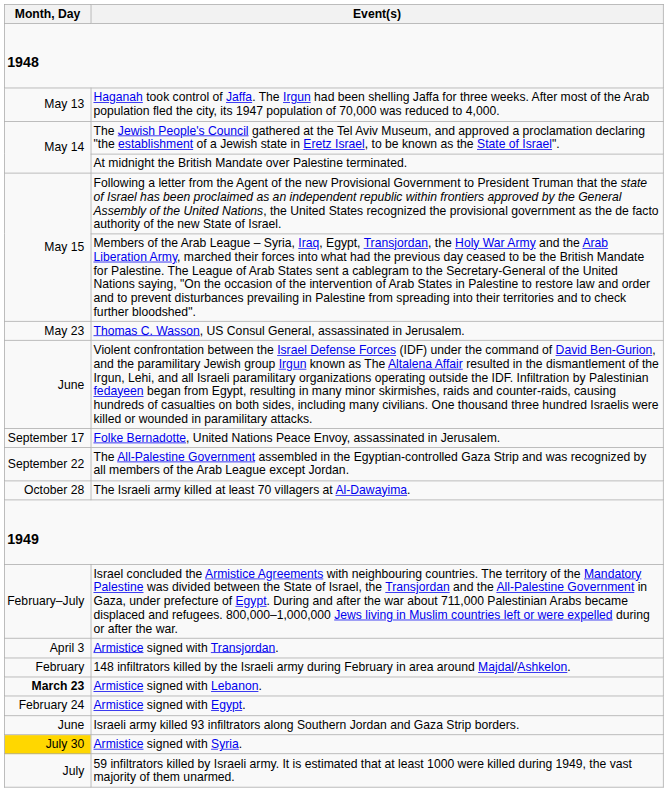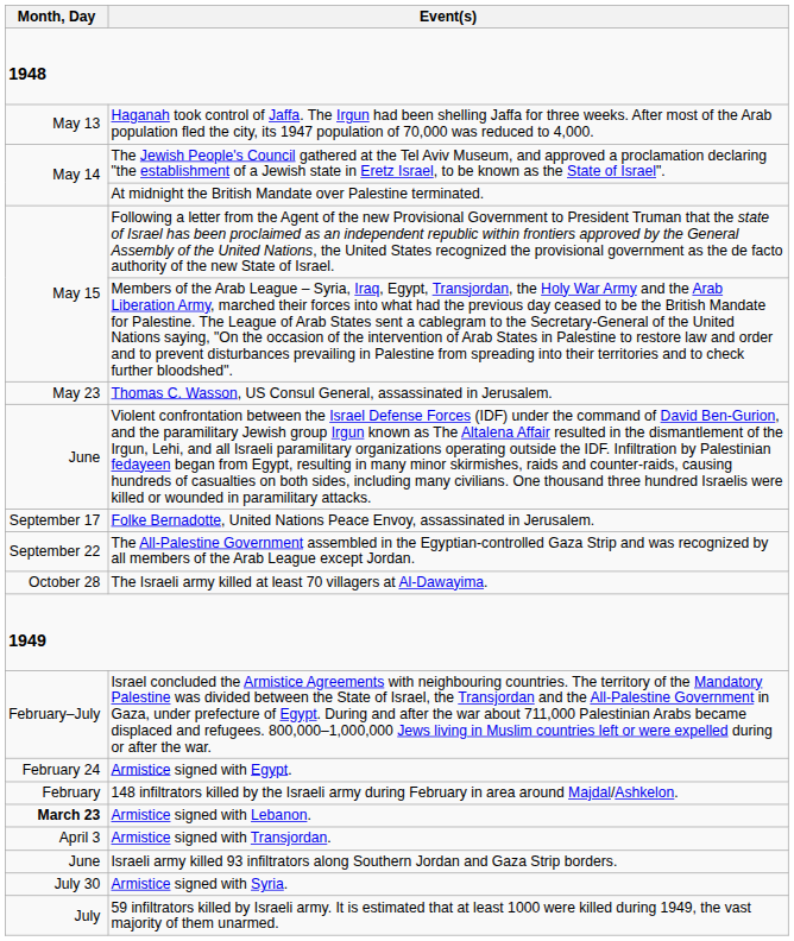 <table class="wikitable">
 <tr>
 <th>Month, Day</th>
 <th>Event(s)</th>
 </tr>
 <tr>
 <td colspan="2"><br><h3>1948</h3></td>
 </tr>
 <tr>
 <td style="white-space:nowrap;text-align:right;padding-right:0.5em;">May 13</td>
 <td><a href='#'>Haganah</a> took control of <a href='#'>Jaffa</a>. The <a href='#'>Irgun</a> had been shelling Jaffa for three weeks. After most of the Arab population fled the city, its 1947 population of 70,000 was reduced to 4,000.</td>
 </tr>
 <tr>
 <td rowspan="2" style="white-space:nowrap;text-align:right;padding-right:0.5em;">May 14</td>
 <td>The <a href='#'>Jewish People's Council</a> gathered at the Tel Aviv Museum, and approved a proclamation declaring "the <a href='#'>establishment</a> of a Jewish state in <a href='#'>Eretz Israel</a>, to be known as the <a href='#'>State of Israel</a>".</td>
 </tr>
 <tr>
 <td>At midnight the British Mandate over Palestine terminated.</td>
 </tr>
 <tr>
 <td rowspan="2" style="white-space:nowrap;text-align:right;padding-right:0.5em;">May 15</td>
 <td>Following a letter from the Agent of the new Provisional Government to President Truman that the <em>state of Israel has been proclaimed as an independent republic within frontiers approved by the General Assembly of the United Nations</em>, the United States recognized the provisional government as the de facto authority of the new State of Israel.</td>
 </tr>
 <tr>
 <td>Members of the Arab League – Syria, <a href='#'>Iraq</a>, Egypt, <a href='#'>Transjordan</a>, the <a href='#'>Holy War Army</a> and the <a href='#'>Arab Liberation Army</a>, marched their forces into what had the previous day ceased to be the British Mandate for Palestine. The League of Arab States sent a cablegram to the Secretary-General of the United Nations saying, "On the occasion of the intervention of Arab States in Palestine to restore law and order and to prevent disturbances prevailing in Palestine from spreading into their territories and to check further bloodshed".</td>
 </tr>
 <tr>
 <td style="white-space:nowrap;text-align:right;padding-right:0.5em;">May 23</td>
 <td><a href='#'>Thomas C. Wasson</a>, US Consul General, assassinated in Jerusalem.</td>
 </tr>
 <tr>
 <td style="white-space:nowrap;text-align:right;padding-right:0.5em;">June</td>
 <td>Violent confrontation between the <a href='#'>Israel Defense Forces</a> (IDF) under the command of <a href='#'>David Ben-Gurion</a>, and the paramilitary Jewish group <a href='#'>Irgun</a> known as The <a href='#'>Altalena Affair</a> resulted in the dismantlement of the Irgun, Lehi, and all Israeli paramilitary organizations operating outside the IDF. Infiltration by Palestinian <a href='#'>fedayeen</a> began from Egypt, resulting in many minor skirmishes, raids and counter-raids, causing hundreds of casualties on both sides, including many civilians. One thousand three hundred Israelis were killed or wounded in paramilitary attacks.</td>
 </tr>
 <tr>
 <td style="white-space:nowrap;text-align:right;padding-right:0.5em;">September 17</td>
 <td><a href='#'>Folke Bernadotte</a>, United Nations Peace Envoy, assassinated in Jerusalem.</td>
 </tr>
 <tr>
 <td style="white-space:nowrap;text-align:right;padding-right:0.5em;">September 22</td>
 <td>The <a href='#'>All-Palestine Government</a> assembled in the Egyptian-controlled Gaza Strip and was recognized by all members of the Arab League except Jordan.</td>
 </tr>
 <tr>
 <td style="white-space:nowrap;text-align:right;padding-right:0.5em;">October 28</td>
 <td>The Israeli army killed at least 70 villagers at <a href='#'>Al-Dawayima</a>.</td>
 </tr>
 <tr>
 <td colspan="2"><br><h3>1949</h3></td>
 </tr>
 <tr>
 <td style="white-space:nowrap;text-align:right;padding-right:0.5em;">February–July</td>
 <td>Israel concluded the <a href='#'>Armistice Agreements</a> with neighbouring countries. The territory of the <a href='#'>Mandatory Palestine</a> was divided between the State of Israel, the <a href='#'>Transjordan</a> and the <a href='#'>All-Palestine Government</a> in Gaza, under prefecture of <a href='#'>Egypt</a>. During and after the war about 711,000 Palestinian Arabs became displaced and refugees. 800,000–1,000,000 <a href='#'>Jews living in Muslim countries left or were expelled</a> during or after the war.</td>
 </tr>
 <tr>
-<td style="white-space:nowrap;text-align:right;padding-right:0.5em;">April 3</td>
-<td><a href='#'>Armistice</a> signed with <a href='#'>Transjordan</a>.</td>
+<td style="white-space:nowrap;text-align:right;padding-right:0.5em;">February 24</td>
+<td><a href='#'>Armistice</a> signed with <a href='#'>Egypt</a>.</td>
 </tr>
 <tr>
 <td style="white-space:nowrap;text-align:right;padding-right:0.5em;">February</td>
 <td>148 infiltrators killed by the Israeli army during February in area around <a href='#'>Majdal</a>/<a href='#'>Ashkelon</a>.</td>
 </tr>
 <tr>
 <td style="white-space:nowrap;text-align:right;padding-right:0.5em;"><strong>March 23</strong></td>
 <td><a href='#'>Armistice</a> signed with <a href='#'>Lebanon</a>.</td>
 </tr>
 <tr>
-<td style="white-space:nowrap;text-align:right;padding-right:0.5em;">February 24</td>
-<td><a href='#'>Armistice</a> signed with <a href='#'>Egypt</a>.</td>
+<td style="white-space:nowrap;text-align:right;padding-right:0.5em;">April 3</td>
+<td><a href='#'>Armistice</a> signed with <a href='#'>Transjordan</a>.</td>
 </tr>
 <tr>
 <td style="white-space:nowrap;text-align:right;padding-right:0.5em;">June</td>
 <td>Israeli army killed 93 infiltrators along Southern Jordan and Gaza Strip borders.</td>
 </tr>
 <tr>
-<td style="background: gold; white-space:nowrap;text-align:right;padding-right:0.5em;">July 30</td>
+<td style="white-space:nowrap;text-align:right;padding-right:0.5em;">July 30</td>
 <td><a href='#'>Armistice</a> signed with <a href='#'>Syria</a>.</td>
 </tr>
 <tr>
 <td style="white-space:nowrap;text-align:right;padding-right:0.5em;">July</td>
 <td>59 infiltrators killed by Israeli army. It is estimated that at least 1000 were killed during 1949, the vast majority of them unarmed.</td>
 </tr>
 </table>
